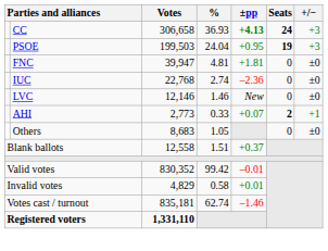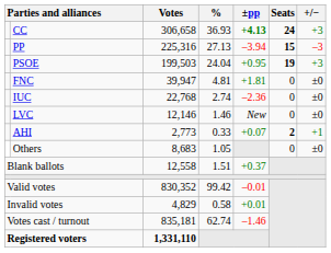 <table class="wikitable" style="text-align:right;">
 <tr>
 <th style="text-align:left;" colspan="2" width="200">Parties and alliances</th>
 <th width="75">Votes</th>
 <th width="45">%</th>
 <th width="45">±<a href='#'>pp</a></th>
 <th width="35">Seats</th>
 <th width="35">+/−</th>
 </tr>
 <tr>
 <td width="1" style="color:inherit;background:"></td>
 <td align="left"><a href='#'>CC</a></td>
 <td>306,658</td>
 <td>36.93</td>
 <td style="color:green;"><strong>+4.13</strong></td>
 <td><strong>24</strong></td>
 <td style="color:green;">+3</td>
+</tr>
+<tr>
+<td style="color:inherit;background:"></td>
+<td align="left"><a href='#'>PP</a></td>
+<td>225,316</td>
+<td>27.13</td>
+<td style="color:red;">–3.94</td>
+<td><strong>15</strong></td>
+<td style="color:red;">–3</td>
 </tr>
 <tr>
 <td style="color:inherit;background:"></td>
 <td align="left"><a href='#'>PSOE</a></td>
 <td>199,503</td>
 <td>24.04</td>
 <td style="color:green;">+0.95</td>
 <td><strong>19</strong></td>
 <td style="color:green;">+3</td>
 </tr>
 <tr>
 <td style="color:inherit;background:"></td>
 <td align="left"><a href='#'>FNC</a></td>
 <td>39,947</td>
 <td>4.81</td>
 <td style="color:green;">+1.81</td>
 <td>0</td>
 <td>±0</td>
 </tr>
 <tr>
 <td style="color:inherit;background:"></td>
 <td align="left"><a href='#'>IUC</a></td>
 <td>22,768</td>
 <td>2.74</td>
 <td style="color:red;">–2.36</td>
 <td>0</td>
 <td>±0</td>
 </tr>
 <tr>
 <td style="color:inherit;background:"></td>
 <td align="left"><a href='#'>LVC</a></td>
 <td>12,146</td>
 <td>1.46</td>
 <td><em>New</em></td>
 <td>0</td>
 <td>±0</td>
 </tr>
 <tr>
 <td style="color:inherit;background:"></td>
 <td align="left"><a href='#'>AHI</a></td>
 <td>2,773</td>
 <td>0.33</td>
 <td style="color:green;">+0.07</td>
 <td><strong>2</strong></td>
 <td style="color:green;">+1</td>
 </tr>
 <tr>
 <td bgcolor="white"></td>
 <td align="left">Others</td>
 <td>8,683</td>
 <td>1.05</td>
 <td bgcolor="#E9E9E9"></td>
 <td>0</td>
 <td>±0</td>
 </tr>
 <tr>
 <td align="left" colspan="2">Blank ballots</td>
 <td>12,558</td>
 <td>1.51</td>
 <td style="color:green;">+0.37</td>
 <td bgcolor="#E9E9E9" colspan="2"></td>
 </tr>
 <tr>
 <td colspan="7" bgcolor="#E9E9E9"></td>
 </tr>
 <tr>
 <td align="left" colspan="2">Valid votes</td>
 <td>830,352</td>
 <td>99.42</td>
 <td style="color:red;">–0.01</td>
 <td bgcolor="#E9E9E9" colspan="2" rowspan="4"></td>
 </tr>
 <tr>
 <td align="left" colspan="2">Invalid votes</td>
 <td>4,829</td>
 <td>0.58</td>
 <td style="color:green;">+0.01</td>
 </tr>
 <tr>
 <td align="left" colspan="2">Votes cast / turnout</td>
 <td>835,181</td>
 <td>62.74</td>
 <td style="color:red;">–1.46</td>
 </tr>
 <tr style="font-weight:bold;">
 <td align="left" colspan="2">Registered voters</td>
 <td>1,331,110</td>
 <td bgcolor="#E9E9E9" colspan="2"></td>
 </tr>
 </table>
